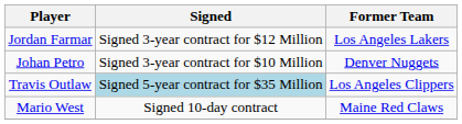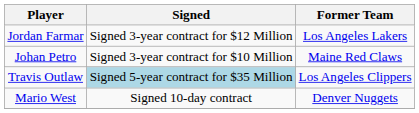 <table class="wikitable sortable sortable">
 <tr>
 <th>Player</th>
 <th>Signed</th>
 <th>Former Team</th>
 </tr>
 <tr style="text-align: center">
 <td><a href='#'>Jordan Farmar</a></td>
 <td>Signed 3-year contract for $12 Million</td>
 <td><a href='#'>Los Angeles Lakers</a></td>
 </tr>
 <tr style="text-align: center">
 <td><a href='#'>Johan Petro</a></td>
 <td>Signed 3-year contract for $10 Million</td>
-<td><a href='#'>Denver Nuggets</a></td>
+<td><a href='#'>Maine Red Claws</a></td>
 </tr>
 <tr style="text-align: center">
 <td><a href='#'>Travis Outlaw</a></td>
 <td style="background: lightblue;">Signed 5-year contract for $35 Million</td>
 <td><a href='#'>Los Angeles Clippers</a></td>
 </tr>
 <tr style="text-align: center">
 <td><a href='#'>Mario West</a></td>
 <td>Signed 10-day contract</td>
-<td><a href='#'>Maine Red Claws</a></td>
+<td><a href='#'>Denver Nuggets</a></td>
 </tr>
 <tr style="text-align: center">
 </tr>
 </table>
